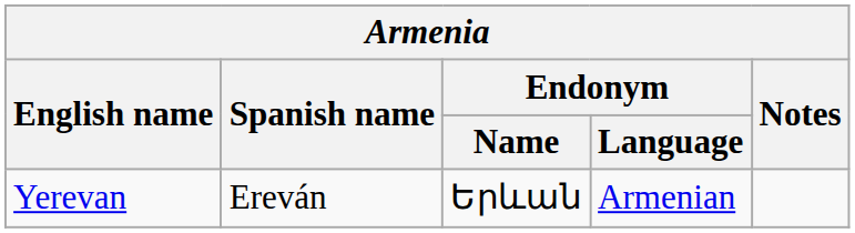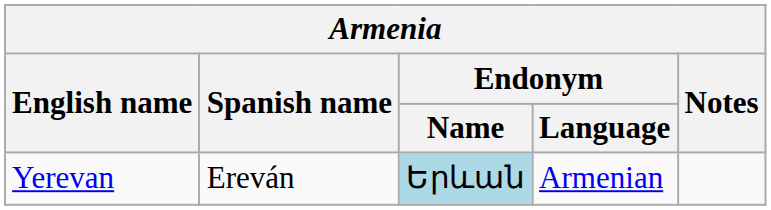 <table class="wikitable sortable">
 <tr>
 <th colspan="5"> <em>Armenia</em></th>
 </tr>
 <tr>
 <th rowspan="2">English name</th>
 <th rowspan="2">Spanish name</th>
 <th colspan="2">Endonym</th>
 <th rowspan="2">Notes</th>
 </tr>
 <tr>
 <th>Name</th>
 <th>Language</th>
 </tr>
 <tr>
 <td><a href='#'>Yerevan</a></td>
 <td>Ereván</td>
-<td>Երևան</td>
+<td style="background: lightblue;">Երևան</td>
 <td><a href='#'>Armenian</a></td>
 <td></td>
 </tr>
 </table>
